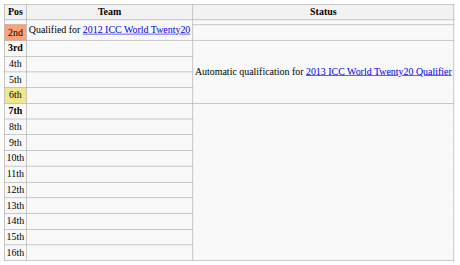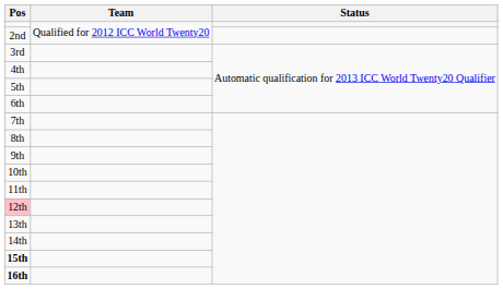 <table class="wikitable">
 <tr>
 <th>Pos</th>
 <th>Team</th>
 <th>Status</th>
 </tr>
 <tr>
 <td></td>
 <td rowspan=2>Qualified for <a href='#'>2012 ICC World Twenty20</a></td>
 </tr>
 <tr>
-<td style="background: lightsalmon; text-align:center;">2nd</td>
+<td style="text-align:center;">2nd</td>
 <td></td>
 </tr>
 <tr>
-<td style="text-align:center;"><strong>3rd</strong></td>
+<td style="text-align:center;">3rd</td>
 <td></td>
 <td rowspan=4>Automatic qualification for <a href='#'>2013 ICC World Twenty20 Qualifier</a></td>
 </tr>
 <tr>
 <td style="text-align:center;">4th</td>
 <td></td>
 </tr>
 <tr>
 <td style="text-align:center;">5th</td>
 <td></td>
 </tr>
 <tr>
-<td style="background: khaki; text-align:center;">6th</td>
+<td style="text-align:center;">6th</td>
 <td></td>
 </tr>
 <tr>
-<td style="text-align:center;"><strong>7th</strong></td>
+<td style="text-align:center;">7th</td>
 <td></td>
 </tr>
 <tr>
 <td style="text-align:center;">8th</td>
 <td></td>
 </tr>
 <tr>
 <td style="text-align:center;">9th</td>
 <td></td>
 </tr>
 <tr>
 <td style="text-align:center;">10th</td>
 <td></td>
 </tr>
 <tr>
 <td style="text-align:center;">11th</td>
 <td></td>
 </tr>
 <tr>
-<td style="text-align:center;">12th</td>
+<td style="background: pink; text-align:center;">12th</td>
 <td></td>
 </tr>
 <tr>
 <td style="text-align:center;">13th</td>
 <td></td>
 </tr>
 <tr>
 <td style="text-align:center;">14th</td>
 <td></td>
 </tr>
 <tr>
-<td style="text-align:center;">15th</td>
+<td style="text-align:center;"><strong>15th</strong></td>
 <td></td>
 </tr>
 <tr>
-<td style="text-align:center;">16th</td>
+<td style="text-align:center;"><strong>16th</strong></td>
 <td></td>
 </tr>
 </table>
